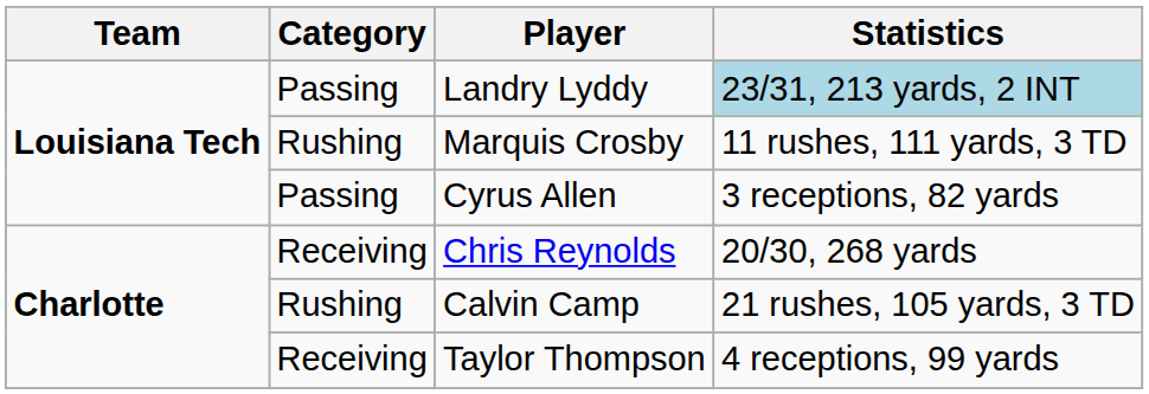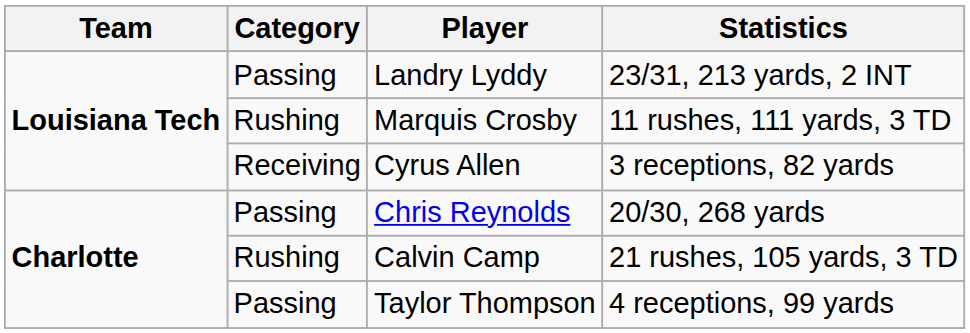 <table class="wikitable" style="float: left;">
 <tr>
 <th>Team</th>
 <th>Category</th>
 <th>Player</th>
 <th>Statistics</th>
 </tr>
 <tr>
 <td rowspan=3><strong>Louisiana Tech</strong></td>
 <td>Passing</td>
 <td>Landry Lyddy</td>
-<td style="background: lightblue;">23/31, 213 yards, 2 INT</td>
+<td>23/31, 213 yards, 2 INT</td>
 </tr>
 <tr>
 <td>Rushing</td>
 <td>Marquis Crosby</td>
 <td>11 rushes, 111 yards, 3 TD</td>
 </tr>
 <tr>
-<td>Passing</td>
+<td>Receiving</td>
 <td>Cyrus Allen</td>
 <td>3 receptions, 82 yards</td>
 </tr>
 <tr>
 <td rowspan=3><strong>Charlotte</strong></td>
-<td>Receiving</td>
+<td>Passing</td>
 <td><a href='#'>Chris Reynolds</a></td>
 <td>20/30, 268 yards</td>
 </tr>
 <tr>
 <td>Rushing</td>
 <td>Calvin Camp</td>
 <td>21 rushes, 105 yards, 3 TD</td>
 </tr>
 <tr>
-<td>Receiving</td>
+<td>Passing</td>
 <td>Taylor Thompson</td>
 <td>4 receptions, 99 yards</td>
 </tr>
 </table>
